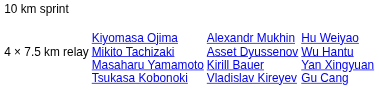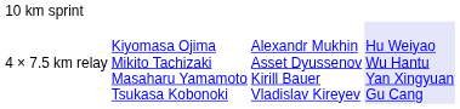 <table>
 <tr>
 <td>10 km sprint<br></td>
 <td></td>
 <td></td>
 <td></td>
 </tr>
 <tr>
 <td>4 × 7.5 km relay<br></td>
 <td><br><a href='#'>Kiyomasa Ojima</a><br><a href='#'>Mikito Tachizaki</a><br><a href='#'>Masaharu Yamamoto</a><br><a href='#'>Tsukasa Kobonoki</a></td>
 <td><br><a href='#'>Alexandr Mukhin</a><br><a href='#'>Asset Dyussenov</a><br><a href='#'>Kirill Bauer</a><br><a href='#'>Vladislav Kireyev</a></td>
-<td><br><a href='#'>Hu Weiyao</a><br><a href='#'>Wu Hantu</a><br><a href='#'>Yan Xingyuan</a><br><a href='#'>Gu Cang</a></td>
+<td style="background: lavender;"><br><a href='#'>Hu Weiyao</a><br><a href='#'>Wu Hantu</a><br><a href='#'>Yan Xingyuan</a><br><a href='#'>Gu Cang</a></td>
 </tr>
 </table>
